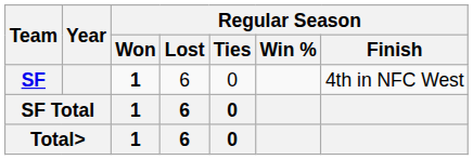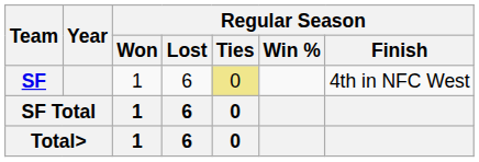 <table class="wikitable" style="font-size: 95%; text-align:center;">
 <tr>
 <th rowspan="2">Team</th>
 <th rowspan="2">Year</th>
 <th colspan="5">Regular Season</th>
 </tr>
 <tr>
 <th>Won</th>
 <th>Lost</th>
 <th>Ties</th>
 <th>Win %</th>
 <th>Finish</th>
 </tr>
 <tr>
 <th><a href='#'>SF</a></th>
 <th></th>
-<td><strong>1</strong></td>
+<td>1</td>
 <td>6</td>
-<td>0</td>
+<td style="background: khaki;">0</td>
 <td></td>
 <td>4th in NFC West</td>
 </tr>
 <tr>
 <th colspan="2">SF Total</th>
 <th>1</th>
 <th>6</th>
 <th>0</th>
 <th></th>
 <th></th>
 </tr>
 <tr>
 <th colspan="2">Total></th>
 <th>1</th>
 <th>6</th>
 <th>0</th>
 <th></th>
 <th></th>
 </tr>
 </table>
